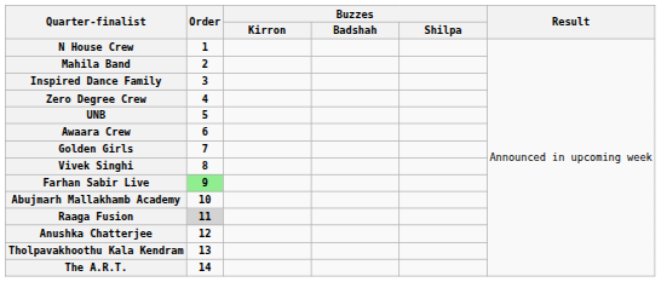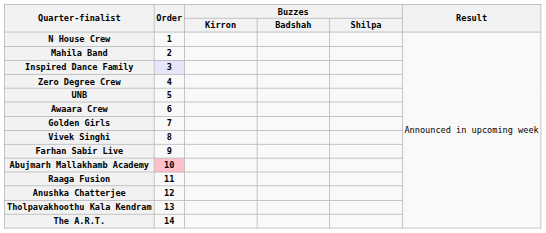 <table class="wikitable plainrowheaders sortable" style="text-align:center;">
 <tr>
 <th rowspan="2" class="unsortable" scope="col" style="width:17em;">Quarter-finalist</th>
 <th rowspan="2" scope="col" style="width:1em;">Order</th>
 <th colspan="3" class="unsortable" scope="col" style="width:24em;">Buzzes</th>
 <th rowspan="2">Result</th>
 </tr>
 <tr>
 <th class="unsortable" scope="col" style="width:8em;">Kirron</th>
 <th class="unsortable" scope="col" style="width:8em;">Badshah</th>
 <th class="unsortable" scope="col" style="width:8em;">Shilpa</th>
 </tr>
 <tr>
 <th scope="row"><strong>N House Crew</strong></th>
 <td><strong>1</strong></td>
 <td style="text-align:center;"></td>
 <td style="text-align:center;"></td>
 <td style="text-align:center;"><strong></strong></td>
 <td rowspan="14">Announced in upcoming week</td>
 </tr>
 <tr>
 <th scope="row"><strong>Mahila Band</strong></th>
 <td><strong>2</strong></td>
 <td></td>
 <td></td>
 <td></td>
 </tr>
 <tr>
 <th scope="row"><strong>Inspired Dance Family</strong></th>
-<td><strong>3</strong></td>
+<td style="background: lavender;"><strong>3</strong></td>
 <td></td>
 <td><strong></strong></td>
 <td></td>
 </tr>
 <tr>
 <th scope="row"><strong>Zero Degree Crew</strong></th>
 <td><strong>4</strong></td>
 <td><strong></strong></td>
 <td></td>
 <td></td>
 </tr>
 <tr>
 <th scope="row"><strong>UNB</strong></th>
 <td><strong>5</strong></td>
 <td></td>
 <td></td>
 <td></td>
 </tr>
 <tr>
 <th scope="row"><strong>Awaara Crew</strong></th>
 <td><strong>6</strong></td>
 <td></td>
 <td></td>
 <td></td>
 </tr>
 <tr>
 <th scope="row"><strong>Golden Girls</strong></th>
 <td><strong>7</strong></td>
 <td></td>
 <td></td>
 <td></td>
 </tr>
 <tr>
 <th scope="row"><strong>Vivek Singhi</strong></th>
 <td><strong>8</strong></td>
 <td></td>
 <td></td>
 <td></td>
 </tr>
 <tr>
 <th scope="row"><strong>Farhan Sabir Live</strong></th>
-<td style="background: lightgreen;"><strong>9</strong></td>
+<td><strong>9</strong></td>
 <td></td>
 <td></td>
 <td></td>
 </tr>
 <tr>
 <th scope="row"><strong>Abujmarh Mallakhamb Academy</strong></th>
-<td><strong>10</strong></td>
+<td style="background: pink;"><strong>10</strong></td>
 <td></td>
 <td></td>
 <td></td>
 </tr>
 <tr>
 <th scope="row"><strong>Raaga Fusion</strong></th>
-<td style="background: lightgrey;"><strong>11</strong></td>
+<td><strong>11</strong></td>
 <td></td>
 <td></td>
 <td><strong></strong></td>
 </tr>
 <tr>
 <th scope="row"><strong>Anushka Chatterjee</strong></th>
 <td><strong>12</strong></td>
 <td></td>
 <td></td>
 <td></td>
 </tr>
 <tr>
 <th scope="row"><strong>Tholpavakhoothu Kala Kendram</strong></th>
 <td><strong>13</strong></td>
 <td></td>
 <td></td>
 <td></td>
 </tr>
 <tr>
 <th scope="row"><strong>The A.R.T.</strong></th>
 <td><strong>14</strong></td>
 <td></td>
 <td></td>
 <td></td>
 </tr>
 </table>
